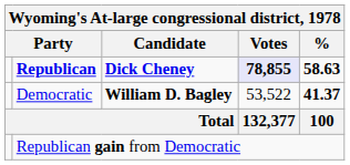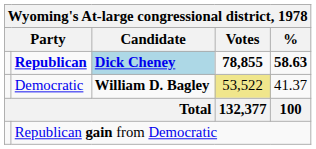 <table class=wikitable>
 <tr>
 <th colspan = 6>Wyoming's At-large congressional district, 1978</th>
 </tr>
 <tr>
 <th colspan=2>Party</th>
 <th>Candidate</th>
 <th>Votes</th>
 <th>%</th>
 </tr>
 <tr>
 <td></td>
 <td><strong><a href='#'>Republican</a></strong></td>
-<td><strong><a href='#'>Dick Cheney</a></strong></td>
-<td align=center style="background: lavender;"><strong>78,855</strong></td>
+<td style="background: lightblue;"><strong><a href='#'>Dick Cheney</a></strong></td>
+<td align=center><strong>78,855</strong></td>
 <td align=center><strong>58.63</strong></td>
 </tr>
 <tr>
 <td></td>
 <td><a href='#'>Democratic</a></td>
 <td><strong>William D. Bagley</strong></td>
-<td align=center>53,522</td>
-<td align=center><strong>41.37</strong></td>
+<td align=center style="background: khaki;">53,522</td>
+<td align=center>41.37</td>
 </tr>
 <tr>
 <th colspan=3; style="text-align:right;">Total</th>
 <th align=center>132,377</th>
 <th align=center>100</th>
 </tr>
 <tr>
 <td></td>
 <td colspan=6; style="text-align:left;"><a href='#'>Republican</a> <strong>gain</strong> from <a href='#'>Democratic</a></td>
 </tr>
 </table>
